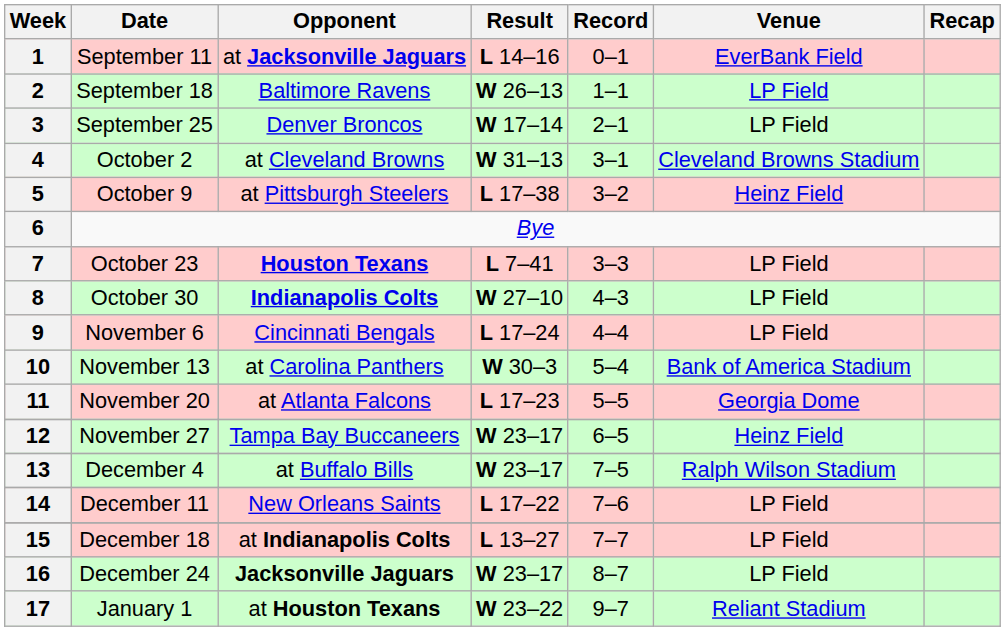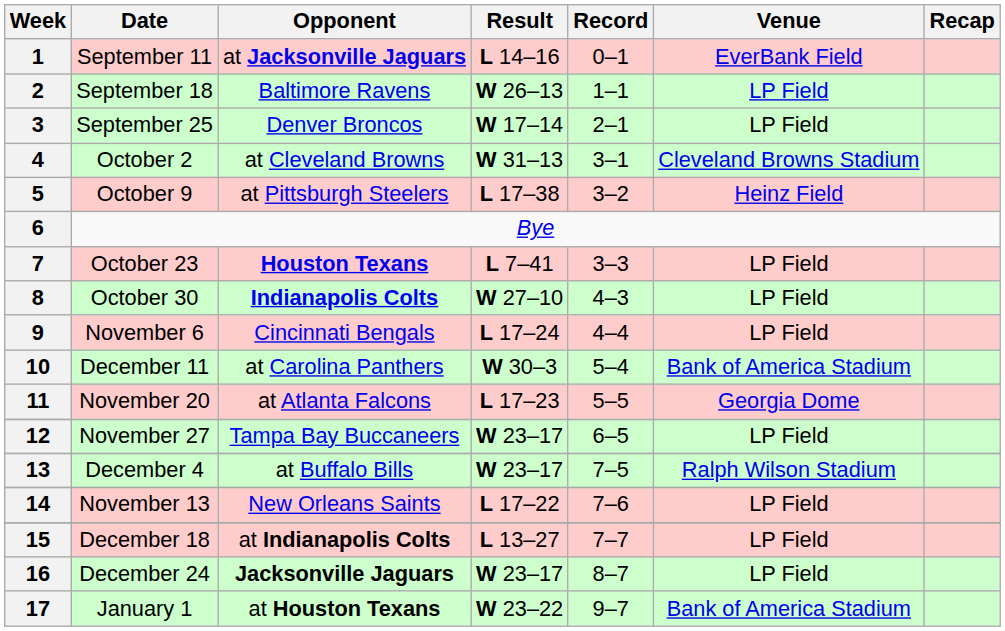 <table class="wikitable" style="text-align:center">
 <tr>
 <th>Week</th>
 <th>Date</th>
 <th>Opponent</th>
 <th>Result</th>
 <th>Record</th>
 <th>Venue</th>
 <th>Recap</th>
 </tr>
 <tr style="background:#fcc">
 <th>1</th>
 <td style="text-align:center;">September 11</td>
 <td style="text-align:center;">at <strong><a href='#'>Jacksonville Jaguars</a></strong></td>
 <td style="text-align:center;"><strong>L</strong> 14–16</td>
 <td style="text-align:center;">0–1</td>
 <td style="text-align:center;"><a href='#'>EverBank Field</a></td>
 <td style="text-align:center;"></td>
 </tr>
 <tr style="background:#cfc">
 <th>2</th>
 <td style="text-align:center;">September 18</td>
 <td style="text-align:center;"><a href='#'>Baltimore Ravens</a></td>
 <td style="text-align:center;"><strong>W</strong> 26–13</td>
 <td style="text-align:center;">1–1</td>
 <td style="text-align:center;"><a href='#'>LP Field</a></td>
 <td style="text-align:center;"></td>
 </tr>
 <tr style="background:#cfc">
 <th>3</th>
 <td style="text-align:center;">September 25</td>
 <td style="text-align:center;"><a href='#'>Denver Broncos</a></td>
 <td style="text-align:center;"><strong>W</strong> 17–14</td>
 <td style="text-align:center;">2–1</td>
 <td style="text-align:center;">LP Field</td>
 <td style="text-align:center;"></td>
 </tr>
 <tr style="background:#cfc">
 <th>4</th>
 <td style="text-align:center;">October 2</td>
 <td style="text-align:center;">at <a href='#'>Cleveland Browns</a></td>
 <td style="text-align:center;"><strong>W</strong> 31–13</td>
 <td style="text-align:center;">3–1</td>
 <td style="text-align:center;"><a href='#'>Cleveland Browns Stadium</a></td>
 <td style="text-align:center;"></td>
 </tr>
 <tr style="background:#fcc">
 <th>5</th>
 <td style="text-align:center;">October 9</td>
 <td style="text-align:center;">at <a href='#'>Pittsburgh Steelers</a></td>
 <td style="text-align:center;"><strong>L</strong> 17–38</td>
 <td style="text-align:center;">3–2</td>
 <td style="text-align:center;"><a href='#'>Heinz Field</a></td>
 <td style="text-align:center;"></td>
 </tr>
 <tr>
 <th>6</th>
 <td colspan="8" style="text-align:center;"><em><a href='#'>Bye</a></em></td>
 </tr>
 <tr style="background:#fcc">
 <th>7</th>
 <td style="text-align:center;">October 23</td>
 <td style="text-align:center;"><strong><a href='#'>Houston Texans</a></strong></td>
 <td style="text-align:center;"><strong>L</strong> 7–41</td>
 <td style="text-align:center;">3–3</td>
 <td style="text-align:center;">LP Field</td>
 <td style="text-align:center;"></td>
 </tr>
 <tr style="background:#cfc">
 <th>8</th>
 <td style="text-align:center;">October 30</td>
 <td style="text-align:center;"><strong><a href='#'>Indianapolis Colts</a></strong></td>
 <td style="text-align:center;"><strong>W</strong> 27–10</td>
 <td style="text-align:center;">4–3</td>
 <td style="text-align:center;">LP Field</td>
 <td style="text-align:center;"></td>
 </tr>
 <tr style="background:#fcc">
 <th>9</th>
 <td style="text-align:center;">November 6</td>
 <td style="text-align:center;"><a href='#'>Cincinnati Bengals</a></td>
 <td style="text-align:center;"><strong>L</strong> 17–24</td>
 <td style="text-align:center;">4–4</td>
 <td style="text-align:center;">LP Field</td>
 <td style="text-align:center;"></td>
 </tr>
 <tr style="background:#cfc">
 <th>10</th>
-<td style="text-align:center;">November 13</td>
+<td style="text-align:center;">December 11</td>
 <td style="text-align:center;">at <a href='#'>Carolina Panthers</a></td>
 <td style="text-align:center;"><strong>W</strong> 30–3</td>
 <td style="text-align:center;">5–4</td>
 <td style="text-align:center;"><a href='#'>Bank of America Stadium</a></td>
 <td style="text-align:center;"></td>
 </tr>
 <tr style="background:#fcc">
 <th>11</th>
 <td style="text-align:center;">November 20</td>
 <td style="text-align:center;">at <a href='#'>Atlanta Falcons</a></td>
 <td style="text-align:center;"><strong>L</strong> 17–23</td>
 <td style="text-align:center;">5–5</td>
 <td style="text-align:center;"><a href='#'>Georgia Dome</a></td>
 <td style="text-align:center;"></td>
 </tr>
 <tr style="background:#">
 </tr>
 <tr style="background:#cfc">
 <th>12</th>
 <td style="text-align:center;">November 27</td>
 <td style="text-align:center;"><a href='#'>Tampa Bay Buccaneers</a></td>
 <td style="text-align:center;"><strong>W</strong> 23–17</td>
 <td style="text-align:center;">6–5</td>
-<td style="text-align:center;"><a href='#'>Heinz Field</a></td>
+<td style="text-align:center;">LP Field</td>
 <td style="text-align:center;"></td>
 </tr>
 <tr style="background:#">
 </tr>
 <tr style="background:#cfc">
 <th>13</th>
 <td style="text-align:center;">December 4</td>
 <td style="text-align:center;">at <a href='#'>Buffalo Bills</a></td>
 <td style="text-align:center;"><strong>W</strong> 23–17</td>
 <td style="text-align:center;">7–5</td>
 <td style="text-align:center;"><a href='#'>Ralph Wilson Stadium</a></td>
 <td style="text-align:center;"></td>
 </tr>
 <tr style="background:#">
 </tr>
 <tr style="background:#fcc">
 <th>14</th>
-<td style="text-align:center;">December 11</td>
+<td style="text-align:center;">November 13</td>
 <td style="text-align:center;"><a href='#'>New Orleans Saints</a></td>
 <td style="text-align:center;"><strong>L</strong> 17–22</td>
 <td style="text-align:center;">7–6</td>
 <td style="text-align:center;">LP Field</td>
 <td style="text-align:center;"></td>
 </tr>
 <tr style="background:#">
 </tr>
 <tr style="background:#fcc">
 <th>15</th>
 <td style="text-align:center;">December 18</td>
 <td style="text-align:center;">at <strong>Indianapolis Colts</strong></td>
 <td style="text-align:center;"><strong>L</strong> 13–27</td>
 <td style="text-align:center;">7–7</td>
 <td style="text-align:center;">LP Field</td>
 <td style="text-align:center;"></td>
 </tr>
 <tr style="background:#cfc">
 <th>16</th>
 <td style="text-align:center;">December 24</td>
 <td style="text-align:center;"><strong>Jacksonville Jaguars</strong></td>
 <td style="text-align:center;"><strong>W</strong> 23–17</td>
 <td style="text-align:center;">8–7</td>
 <td style="text-align:center;">LP Field</td>
 <td style="text-align:center;"></td>
 </tr>
 <tr style="background:#cfc">
 <th>17</th>
 <td style="text-align:center;">January 1</td>
 <td style="text-align:center;">at <strong>Houston Texans</strong></td>
 <td style="text-align:center;"><strong>W</strong> 23–22</td>
 <td style="text-align:center;">9–7</td>
-<td style="text-align:center;"><a href='#'>Reliant Stadium</a></td>
+<td style="text-align:center;"><a href='#'>Bank of America Stadium</a></td>
 <td style="text-align:center;"></td>
 </tr>
 </table>
